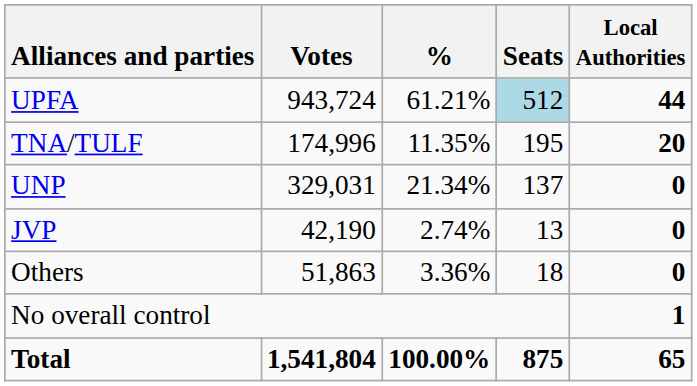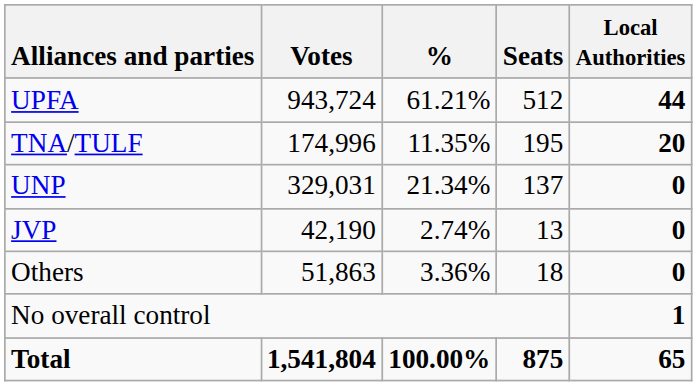 <table class="wikitable" border="1" style="text-align:right;">
 <tr>
 <th valign=bottom align=left>Alliances and parties</th>
 <th valign=bottom align=center width="60">Votes</th>
 <th valign=bottom align=center width="50">%</th>
 <th valign=bottom align=center>Seats</th>
 <th valign=bottom align=center><small>Local<br>Authorities</small></th>
 </tr>
 <tr>
 <td align=left><a href='#'>UPFA</a></td>
 <td>943,724</td>
 <td>61.21%</td>
-<td style="background: lightblue;">512</td>
+<td>512</td>
 <td><strong>44</strong></td>
 </tr>
 <tr>
 <td align=left><a href='#'>TNA</a>/<a href='#'>TULF</a></td>
 <td>174,996</td>
 <td>11.35%</td>
 <td>195</td>
 <td><strong>20</strong></td>
 </tr>
 <tr>
 <td align=left><a href='#'>UNP</a></td>
 <td>329,031</td>
 <td>21.34%</td>
 <td>137</td>
 <td><strong>0</strong></td>
 </tr>
 <tr>
 <td align=left><a href='#'>JVP</a></td>
 <td>42,190</td>
 <td>2.74%</td>
 <td>13</td>
 <td><strong>0</strong></td>
 </tr>
 <tr>
 <td align=left>Others</td>
 <td>51,863</td>
 <td>3.36%</td>
 <td>18</td>
 <td><strong>0</strong></td>
 </tr>
 <tr>
 <td colspan=4 align=left>No overall control</td>
 <td><strong>1</strong></td>
 </tr>
 <tr>
 <td align=left><strong>Total</strong></td>
 <td><strong>1,541,804</strong></td>
 <td><strong>100.00%</strong></td>
 <td><strong>875</strong></td>
 <td><strong>65</strong></td>
 </tr>
 </table>
